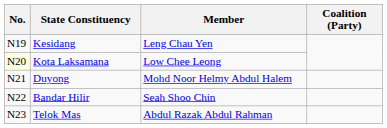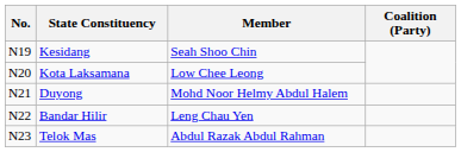 <table class="wikitable">
 <tr>
 <th width="30">No.</th>
 <th width="150">State Constituency</th>
 <th width="230">Member</th>
 <th width="100">Coalition (Party)</th>
 </tr>
 <tr>
 <td>N19</td>
 <td><a href='#'>Kesidang</a></td>
-<td><a href='#'>Leng Chau Yen</a></td>
+<td><a href='#'>Seah Shoo Chin</a></td>
 <td rowspan="2"></td>
 </tr>
 <tr>
-<td style="background: lightyellow;">N20</td>
+<td>N20</td>
 <td><a href='#'>Kota Laksamana</a></td>
 <td><a href='#'>Low Chee Leong</a></td>
 </tr>
 <tr>
 <td>N21</td>
 <td><a href='#'>Duyong</a></td>
 <td><a href='#'>Mohd Noor Helmy Abdul Halem</a></td>
 <td></td>
 </tr>
 <tr>
 <td>N22</td>
 <td><a href='#'>Bandar Hilir</a></td>
-<td><a href='#'>Seah Shoo Chin</a></td>
+<td><a href='#'>Leng Chau Yen</a></td>
 <td></td>
 </tr>
 <tr>
 <td>N23</td>
 <td><a href='#'>Telok Mas</a></td>
 <td><a href='#'>Abdul Razak Abdul Rahman</a></td>
 <td></td>
 </tr>
 </table>
